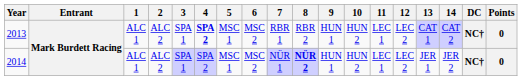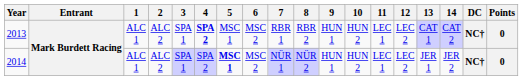 <table class="wikitable" style="text-align:center; font-size:85%">
 <tr>
 <th>Year</th>
 <th>Entrant</th>
 <th>1</th>
 <th>2</th>
 <th>3</th>
 <th>4</th>
 <th>5</th>
 <th>6</th>
 <th>7</th>
 <th>8</th>
 <th>9</th>
 <th>10</th>
 <th>11</th>
 <th>12</th>
 <th>13</th>
 <th>14</th>
 <th>DC</th>
 <th>Points</th>
 </tr>
 <tr>
 <td><a href='#'>2013</a></td>
 <th rowspan="2">Mark Burdett Racing</th>
 <td style="background:#;"><a href='#'>ALC<br>1</a><br></td>
 <td style="background:#;"><a href='#'>ALC<br>2</a><br></td>
 <td style="background:#;"><a href='#'>SPA<br>1</a><br></td>
 <td style="background:#;"><strong><a href='#'>SPA<br>2</a><br></strong></td>
 <td style="background:#;"><a href='#'>MSC<br>1</a><br></td>
 <td style="background:#;"><a href='#'>MSC<br>2</a><br></td>
 <td style="background:#;"><a href='#'>RBR<br>1</a><br></td>
 <td style="background:#;"><a href='#'>RBR<br>2</a><br></td>
 <td style="background:#;"><a href='#'>HUN<br>1</a><br></td>
 <td style="background:#;"><a href='#'>HUN<br>2</a><br></td>
 <td style="background:#;"><a href='#'>LEC<br>1</a><br></td>
 <td style="background:#;"><a href='#'>LEC<br>2</a><br></td>
 <td style="background:#cfcfff;"><a href='#'>CAT<br>1</a><br></td>
 <td style="background:#cfcfff;"><a href='#'>CAT<br>2</a><br></td>
 <th>NC†</th>
 <th>0</th>
 </tr>
 <tr>
 <td><a href='#'>2014</a></td>
 <td style="background:#;"><a href='#'>ALC<br>1</a><br></td>
 <td style="background:#;"><a href='#'>ALC<br>2</a><br></td>
 <td style="background:#cfcfff;"><a href='#'>SPA<br>1</a><br></td>
 <td style="background:#cfcfff;"><a href='#'>SPA<br>2</a><br></td>
-<td style="background:#;"><a href='#'>MSC<br>1</a><br></td>
+<td style="background:#;"><strong><a href='#'>MSC<br>1</a><br></strong></td>
 <td style="background:#;"><a href='#'>MSC<br>2</a><br></td>
 <td style="background:#cfcfff;"><a href='#'>NÜR<br>1</a><br></td>
-<td style="background:#cfcfff;"><strong><a href='#'>NÜR<br>2</a><br></strong></td>
+<td style="background:#cfcfff;"><a href='#'>NÜR<br>2</a><br></td>
 <td style="background:#;"><a href='#'>HUN<br>1</a><br></td>
 <td style="background:#;"><a href='#'>HUN<br>2</a><br></td>
 <td style="background:#;"><a href='#'>LEC<br>1</a><br></td>
 <td style="background:#;"><a href='#'>LEC<br>2</a><br></td>
 <td style="background:#;"><a href='#'>JER<br>1</a><br></td>
 <td style="background:#;"><a href='#'>JER<br>2</a><br></td>
 <th>NC†</th>
 <th>0</th>
 </tr>
 </table>
